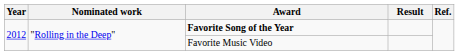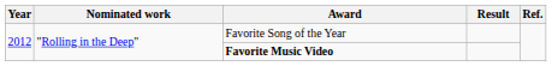 <table class="wikitable">
 <tr>
 <th>Year</th>
 <th width="250">Nominated work</th>
 <th width="325">Award</th>
 <th width="65">Result</th>
 <th>Ref.</th>
 </tr>
 <tr>
 <td rowspan="3"><a href='#'>2012</a></td>
 <td rowspan="2">"<a href='#'>Rolling in the Deep</a>"</td>
-<td><strong>Favorite Song of the Year</strong></td>
+<td>Favorite Song of the Year</td>
 <td></td>
 <td rowspan="2"></td>
 </tr>
 <tr>
-<td>Favorite Music Video</td>
+<td><strong>Favorite Music Video</strong></td>
 <td></td>
 </tr>
 </table>
